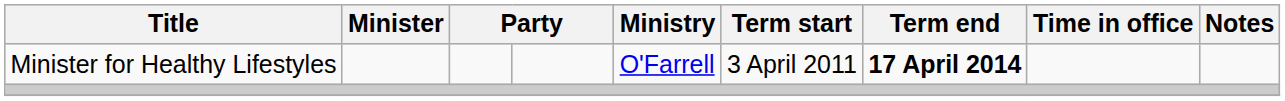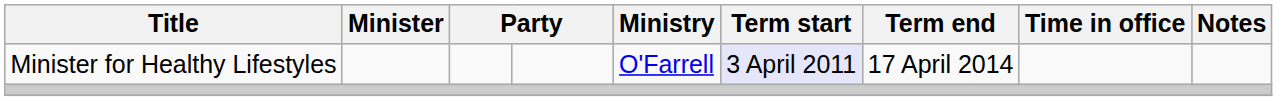 <table class="wikitable sortable">
 <tr>
 <th>Title</th>
 <th>Minister</th>
 <th colspan=2>Party</th>
 <th>Ministry</th>
 <th>Term start</th>
 <th>Term end</th>
 <th>Time in office</th>
 <th class="unsortable">Notes</th>
 </tr>
 <tr>
 <td>Minister for Healthy Lifestyles</td>
 <td></td>
 <td> </td>
 <td width=8%></td>
 <td><a href='#'>O'Farrell</a></td>
-<td align=center>3 April 2011</td>
-<td align=center><strong>17 April 2014</strong></td>
+<td align=center style="background: lavender;">3 April 2011</td>
+<td align=center>17 April 2014</td>
 <td align=right></td>
 </tr>
 <tr>
 <th colspan=9 style="background: #cccccc;"></th>
 </tr>
 <tr>
 </tr>
 </table>
